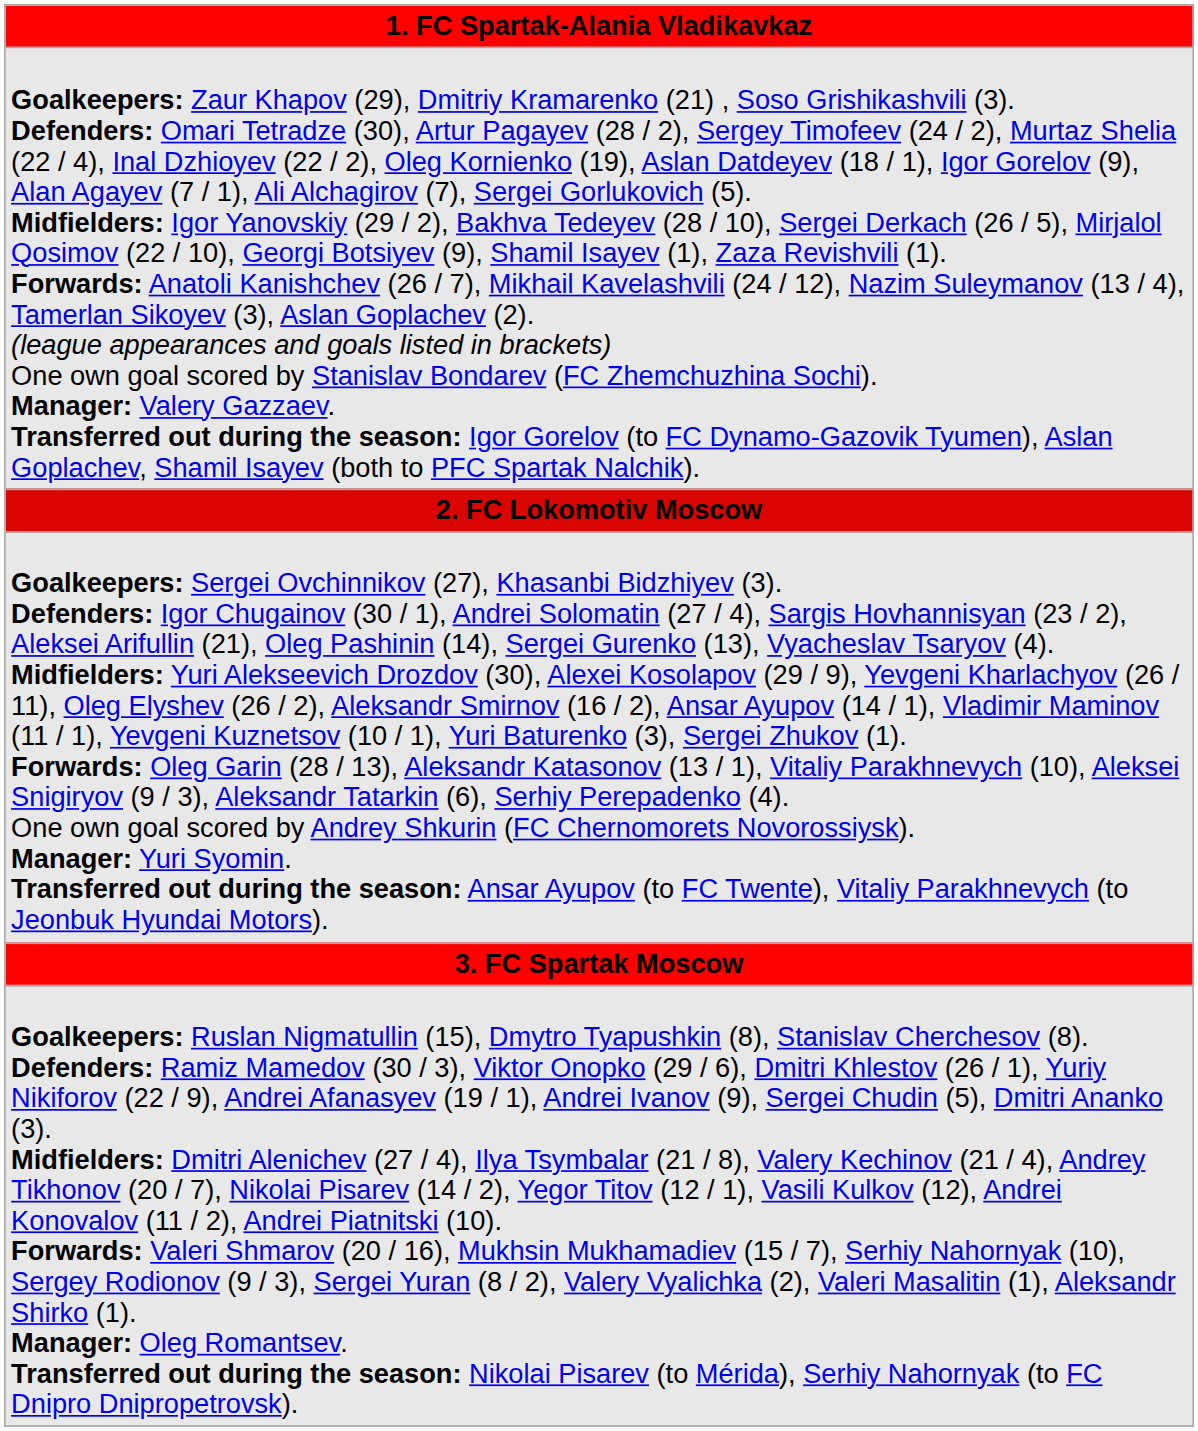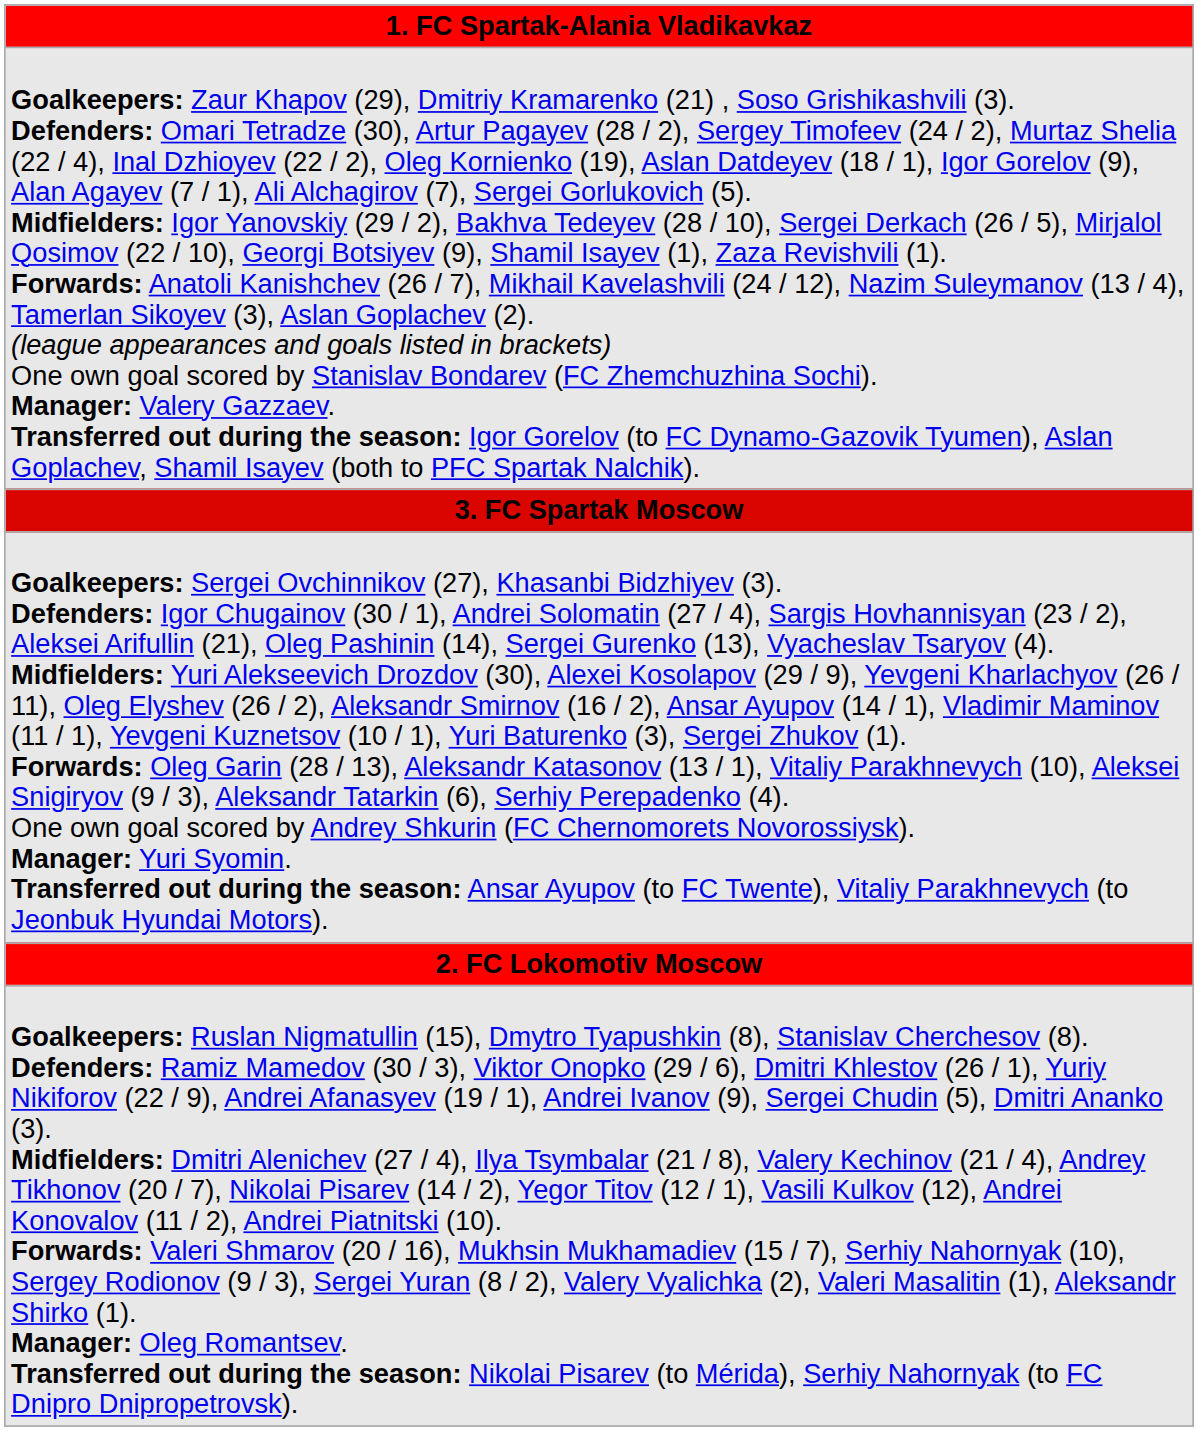 <table class="wikitable" Width="700">
 <tr bgcolor="#FF0000">
 <td align="center" width="700"><span> <strong>1. FC Spartak-Alania Vladikavkaz</strong> </span></td>
 </tr>
 <tr bgcolor="#E8E8E8">
 <td align="left" width="700"><br><strong>Goalkeepers:</strong> <a href='#'>Zaur Khapov</a> (29), <a href='#'>Dmitriy Kramarenko</a> (21) , <a href='#'>Soso Grishikashvili</a>  (3).<br> <strong>Defenders:</strong> <a href='#'>Omari Tetradze</a> (30), <a href='#'>Artur Pagayev</a> (28 / 2), <a href='#'>Sergey Timofeev</a>  (24 / 2), <a href='#'>Murtaz Shelia</a>  (22 / 4), <a href='#'>Inal Dzhioyev</a> (22 / 2), <a href='#'>Oleg Kornienko</a>  (19), <a href='#'>Aslan Datdeyev</a> (18 / 1), <a href='#'>Igor Gorelov</a> (9), <a href='#'>Alan Agayev</a> (7 / 1), <a href='#'>Ali Alchagirov</a> (7), <a href='#'>Sergei Gorlukovich</a> (5).<br> <strong>Midfielders:</strong> <a href='#'>Igor Yanovskiy</a> (29 / 2), <a href='#'>Bakhva Tedeyev</a> (28 / 10), <a href='#'>Sergei Derkach</a> (26 / 5), <a href='#'>Mirjalol Qosimov</a>  (22 / 10), <a href='#'>Georgi Botsiyev</a> (9), <a href='#'>Shamil Isayev</a> (1), <a href='#'>Zaza Revishvili</a>  (1).<br> <strong>Forwards:</strong> <a href='#'>Anatoli Kanishchev</a> (26 / 7), <a href='#'>Mikhail Kavelashvili</a>  (24 / 12), <a href='#'>Nazim Suleymanov</a>  (13 / 4), <a href='#'>Tamerlan Sikoyev</a> (3), <a href='#'>Aslan Goplachev</a> (2).<br><em>(league appearances and goals listed in brackets)</em><br>One own goal scored by <a href='#'>Stanislav Bondarev</a> (<a href='#'>FC Zhemchuzhina Sochi</a>).<br><strong>Manager:</strong> <a href='#'>Valery Gazzaev</a>.<br><strong>Transferred out during the season:</strong> <a href='#'>Igor Gorelov</a> (to <a href='#'>FC Dynamo-Gazovik Tyumen</a>), <a href='#'>Aslan Goplachev</a>, <a href='#'>Shamil Isayev</a> (both to <a href='#'>PFC Spartak Nalchik</a>).</td>
 </tr>
 <tr bgcolor="#DB0500">
-<td align="center" width="700"><span> <strong>2. FC Lokomotiv Moscow</strong> </span></td>
+<td align="center" width="700"><span> <strong>3. FC Spartak Moscow</strong> </span></td>
 </tr>
 <tr bgcolor="#E8E8E8">
 <td align="left" width="700"><br><strong>Goalkeepers:</strong> <a href='#'>Sergei Ovchinnikov</a> (27), <a href='#'>Khasanbi Bidzhiyev</a> (3).<br> <strong>Defenders:</strong> <a href='#'>Igor Chugainov</a> (30 / 1), <a href='#'>Andrei Solomatin</a> (27 / 4), <a href='#'>Sargis Hovhannisyan</a>  (23 / 2), <a href='#'>Aleksei Arifullin</a> (21), <a href='#'>Oleg Pashinin</a>  (14), <a href='#'>Sergei Gurenko</a>  (13), <a href='#'>Vyacheslav Tsaryov</a> (4).<br> <strong>Midfielders:</strong> <a href='#'>Yuri Alekseevich Drozdov</a> (30), <a href='#'>Alexei Kosolapov</a> (29 / 9), <a href='#'>Yevgeni Kharlachyov</a> (26 / 11), <a href='#'>Oleg Elyshev</a> (26 / 2), <a href='#'>Aleksandr Smirnov</a> (16 / 2), <a href='#'>Ansar Ayupov</a> (14 / 1), <a href='#'>Vladimir Maminov</a>  (11 / 1), <a href='#'>Yevgeni Kuznetsov</a> (10 / 1), <a href='#'>Yuri Baturenko</a>  (3), <a href='#'>Sergei Zhukov</a> (1).<br> <strong>Forwards:</strong> <a href='#'>Oleg Garin</a> (28 / 13), <a href='#'>Aleksandr Katasonov</a> (13 / 1), <a href='#'>Vitaliy Parakhnevych</a>  (10), <a href='#'>Aleksei Snigiryov</a> (9 / 3), <a href='#'>Aleksandr Tatarkin</a> (6), <a href='#'>Serhiy Perepadenko</a>  (4).<br>One own goal scored by <a href='#'>Andrey Shkurin</a>  (<a href='#'>FC Chernomorets Novorossiysk</a>).<br><strong>Manager:</strong> <a href='#'>Yuri Syomin</a>.<br><strong>Transferred out during the season:</strong> <a href='#'>Ansar Ayupov</a> (to  <a href='#'>FC Twente</a>), <a href='#'>Vitaliy Parakhnevych</a>  (to  <a href='#'>Jeonbuk Hyundai Motors</a>).</td>
 </tr>
 <tr bgcolor="#FF0000">
-<td align="center" width="700"><span> <strong>3. FC Spartak Moscow</strong> </span></td>
+<td align="center" width="700"><span> <strong>2. FC Lokomotiv Moscow</strong> </span></td>
 </tr>
 <tr bgcolor="#E8E8E8">
 <td align="left" width="700"><br><strong>Goalkeepers:</strong> <a href='#'>Ruslan Nigmatullin</a> (15), <a href='#'>Dmytro Tyapushkin</a>  (8), <a href='#'>Stanislav Cherchesov</a> (8).<br> <strong>Defenders:</strong> <a href='#'>Ramiz Mamedov</a> (30 / 3), <a href='#'>Viktor Onopko</a> (29 / 6), <a href='#'>Dmitri Khlestov</a> (26 / 1), <a href='#'>Yuriy Nikiforov</a> (22 / 9), <a href='#'>Andrei Afanasyev</a> (19 / 1), <a href='#'>Andrei Ivanov</a> (9), <a href='#'>Sergei Chudin</a> (5), <a href='#'>Dmitri Ananko</a> (3).<br> <strong>Midfielders:</strong> <a href='#'>Dmitri Alenichev</a> (27 / 4), <a href='#'>Ilya Tsymbalar</a> (21 / 8), <a href='#'>Valery Kechinov</a> (21 / 4), <a href='#'>Andrey Tikhonov</a> (20 / 7), <a href='#'>Nikolai Pisarev</a> (14 / 2), <a href='#'>Yegor Titov</a> (12 / 1), <a href='#'>Vasili Kulkov</a> (12), <a href='#'>Andrei Konovalov</a> (11 / 2), <a href='#'>Andrei Piatnitski</a> (10).<br> <strong>Forwards:</strong> <a href='#'>Valeri Shmarov</a> (20 / 16), <a href='#'>Mukhsin Mukhamadiev</a> (15 / 7), <a href='#'>Serhiy Nahornyak</a>  (10), <a href='#'>Sergey Rodionov</a> (9 / 3), <a href='#'>Sergei Yuran</a> (8 / 2), <a href='#'>Valery Vyalichka</a>  (2), <a href='#'>Valeri Masalitin</a> (1), <a href='#'>Aleksandr Shirko</a> (1).<br><strong>Manager:</strong> <a href='#'>Oleg Romantsev</a>.<br><strong>Transferred out during the season:</strong> <a href='#'>Nikolai Pisarev</a> (to  <a href='#'>Mérida</a>), <a href='#'>Serhiy Nahornyak</a>  (to  <a href='#'>FC Dnipro Dnipropetrovsk</a>).</td>
 </tr>
 </table>
